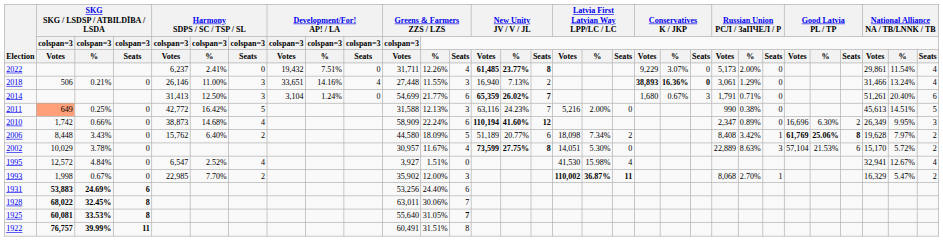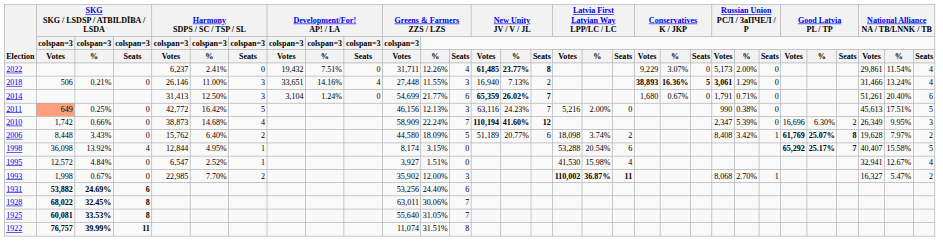 <table class="wikitable" border="1" style="font-size:80%; text-align:right;">
 <tr>
 <th style="text-align:left;" valign=bottom rowspan=3>Election</th>
 <th valign=bottom colspan=3><a href='#'>SKG</a><br>SKG / LSDSP / ATBILDĪBA / LSDA</th>
 <th valign=bottom colspan=3><a href='#'>Harmony</a><br>SDPS / SC / TSP / SL</th>
 <th valign=bottom colspan=3><a href='#'>Development/For!</a><br>AP! / LA</th>
 <th valign=bottom colspan=3><a href='#'>Greens & Farmers</a><br>ZZS / LZS</th>
 <th valign=bottom colspan=3><a href='#'>New Unity</a><br>JV / V / JL</th>
 <th valign=bottom colspan=3><a href='#'>Latvia First<br>Latvian Way</a><br>LPP/LC / LC</th>
 <th valign=bottom colspan=3><a href='#'>Conservatives</a><br>K / JKP</th>
 <th valign=bottom colspan=3><a href='#'>Russian Union</a><br>РСЛ / ЗаПЧЕЛ / P</th>
 <th valign=bottom colspan=3><a href='#'>Good Latvia</a><br>PL / TP</th>
 <th valign=bottom colspan=3><a href='#'>National Alliance</a><br>NA / TB/LNNK / TB</th>
 </tr>
 <tr>
 <th>colspan=3 </th>
 <th>colspan=3 </th>
 <th>colspan=3 </th>
 <th>colspan=3 </th>
 <th>colspan=3 </th>
 <th>colspan=3 </th>
 <th>colspan=3 </th>
 <th>colspan=3 </th>
 <th>colspan=3 </th>
 <th>colspan=3 </th>
 </tr>
 <tr>
 <th>Votes</th>
 <th>%</th>
 <th>Seats</th>
 <th>Votes</th>
 <th>%</th>
 <th>Seats</th>
 <th>Votes</th>
 <th>%</th>
 <th>Seats</th>
 <th>Votes</th>
 <th>%</th>
 <th>Seats</th>
 <th>Votes</th>
 <th>%</th>
 <th>Seats</th>
 <th>Votes</th>
 <th>%</th>
 <th>Seats</th>
 <th>Votes</th>
 <th>%</th>
 <th>Seats</th>
 <th>Votes</th>
 <th>%</th>
 <th>Seats</th>
 <th>Votes</th>
 <th>%</th>
 <th>Seats</th>
 <th>Votes</th>
 <th>%</th>
 <th>Seats</th>
 </tr>
 <tr>
 <td align=left><a href='#'>2022</a></td>
 <td></td>
 <td></td>
 <td></td>
 <td>6,237</td>
 <td>2.41%</td>
 <td>0</td>
 <td>19,432</td>
 <td>7.51%</td>
 <td>0</td>
 <td>31,711</td>
 <td>12.26%</td>
 <td>4</td>
 <td><strong>61,485</strong></td>
 <td><strong>23.77%</strong></td>
 <td><strong>8</strong></td>
 <td></td>
 <td></td>
 <td></td>
 <td>9,229</td>
 <td>3.07%</td>
 <td>0</td>
 <td>5,173</td>
 <td>2.00%</td>
 <td>0</td>
 <td></td>
 <td></td>
 <td></td>
 <td>29,861</td>
 <td>11.54%</td>
 <td>4</td>
 </tr>
 <tr>
 <td align=left><a href='#'>2018</a></td>
 <td>506</td>
 <td>0.21%</td>
 <td>0</td>
 <td>26,146</td>
 <td>11.00%</td>
 <td>3</td>
 <td>33,651</td>
 <td>14.16%</td>
 <td>4</td>
 <td>27,448</td>
 <td>11.55%</td>
 <td>3</td>
 <td>16,940</td>
 <td>7.13%</td>
 <td>2</td>
 <td></td>
 <td></td>
 <td></td>
 <td><strong>38,893</strong></td>
 <td><strong>16.36%</strong></td>
-<td><strong>0</strong></td>
-<td>3,061</td>
+<td><strong>5</strong></td>
+<td><strong>3,061</strong></td>
 <td>1.29%</td>
 <td>0</td>
 <td></td>
 <td></td>
 <td></td>
 <td>31,466</td>
 <td>13.24%</td>
 <td>4</td>
 </tr>
 <tr>
 <td align=left><a href='#'>2014</a></td>
 <td></td>
 <td></td>
 <td></td>
 <td>31,413</td>
 <td>12.50%</td>
 <td>3</td>
 <td>3,104</td>
 <td>1.24%</td>
 <td>0</td>
 <td>54,699</td>
 <td>21.77%</td>
 <td>6</td>
 <td><strong>65,359</strong></td>
 <td><strong>26.02%</strong></td>
 <td><strong>7</strong></td>
 <td></td>
 <td></td>
 <td></td>
 <td>1,680</td>
 <td>0.67%</td>
-<td>3</td>
+<td>0</td>
 <td>1,791</td>
 <td>0.71%</td>
 <td>0</td>
 <td></td>
 <td></td>
 <td></td>
 <td>51,261</td>
 <td>20.40%</td>
 <td>6</td>
 </tr>
 <tr>
 <td align=left><a href='#'>2011</a></td>
 <td style="background: lightsalmon;">649</td>
 <td>0.25%</td>
 <td>0</td>
 <td>42,772</td>
 <td>16.42%</td>
 <td>5</td>
 <td></td>
 <td></td>
 <td></td>
-<td>31,588</td>
+<td>46,156</td>
 <td>12.13%</td>
 <td>3</td>
 <td>63,116</td>
 <td>24.23%</td>
 <td>7</td>
 <td>5,216</td>
 <td>2.00%</td>
 <td>0</td>
 <td></td>
 <td></td>
 <td></td>
 <td>990</td>
 <td>0.38%</td>
 <td>0</td>
 <td></td>
 <td></td>
 <td></td>
 <td>45,613</td>
-<td>14.51%</td>
+<td>17.51%</td>
 <td>5</td>
 </tr>
 <tr>
 <td align=left><a href='#'>2010</a></td>
 <td>1,742</td>
 <td>0.66%</td>
 <td>0</td>
 <td>38,873</td>
 <td>14.68%</td>
 <td>4</td>
 <td></td>
 <td></td>
 <td></td>
 <td>58,909</td>
 <td>22.24%</td>
-<td>6</td>
+<td>7</td>
 <td><strong>110,194</strong></td>
 <td><strong>41.60%</strong></td>
 <td><strong>12</strong></td>
 <td></td>
 <td></td>
 <td></td>
 <td></td>
 <td></td>
 <td></td>
 <td>2,347</td>
-<td>0.89%</td>
+<td>5.39%</td>
 <td>0</td>
 <td>16,696</td>
 <td>6.30%</td>
 <td>2</td>
 <td>26,349</td>
 <td>9.95%</td>
 <td>3</td>
 </tr>
 <tr>
 <td align=left><a href='#'>2006</a></td>
 <td>8,448</td>
 <td>3.43%</td>
 <td>0</td>
 <td>15,762</td>
 <td>6.40%</td>
 <td>2</td>
 <td></td>
 <td></td>
 <td></td>
 <td>44,580</td>
 <td>18.09%</td>
 <td>5</td>
 <td>51,189</td>
 <td>20.77%</td>
 <td>6</td>
 <td>18,098</td>
-<td>7.34%</td>
+<td>3.74%</td>
 <td>2</td>
 <td></td>
 <td></td>
 <td></td>
 <td>8,408</td>
 <td>3.42%</td>
 <td>1</td>
 <td><strong>61,769</strong></td>
-<td><strong>25.06%</strong></td>
+<td><strong>25.07%</strong></td>
 <td><strong>8</strong></td>
 <td>19,628</td>
 <td>7.97%</td>
 <td>2</td>
 </tr>
 <tr>
-<td align=left><a href='#'>2002</a></td>
-<td>10,029</td>
-<td>3.78%</td>
+<td align=left><a href='#'>1998</a></td>
+<td>36,098</td>
+<td>13.92%</td>
+<td>4</td>
+<td>12,844</td>
+<td>4.95%</td>
+<td>1</td>
+<td></td>
+<td></td>
+<td></td>
+<td>8,174</td>
+<td>3.15%</td>
 <td>0</td>
+<td></td>
+<td></td>
+<td></td>
+<td>53,288</td>
+<td>20.54%</td>
+<td>6</td>
 <td></td>
 <td></td>
 <td></td>
 <td></td>
 <td></td>
 <td></td>
-<td>30,957</td>
-<td>11.67%</td>
-<td>4</td>
-<td><strong>73,599</strong></td>
-<td><strong>27.75%</strong></td>
-<td><strong>8</strong></td>
-<td>14,051</td>
-<td>5.30%</td>
-<td>0</td>
-<td></td>
-<td></td>
-<td></td>
-<td>22,889</td>
-<td>8.63%</td>
-<td>3</td>
-<td>57,104</td>
-<td>21.53%</td>
-<td>6</td>
-<td>15,170</td>
-<td>5.72%</td>
-<td>2</td>
+<td><strong>65,292</strong></td>
+<td><strong>25.17%</strong></td>
+<td><strong>7</strong></td>
+<td>40,407</td>
+<td>15.58%</td>
+<td>5</td>
 </tr>
 <tr>
 <td align=left><a href='#'>1995</a></td>
 <td>12,572</td>
 <td>4.84%</td>
 <td>0</td>
 <td>6,547</td>
 <td>2.52%</td>
-<td>4</td>
+<td>1</td>
 <td></td>
 <td></td>
 <td></td>
 <td>3,927</td>
 <td>1.51%</td>
 <td>0</td>
 <td></td>
 <td></td>
 <td></td>
 <td>41,530</td>
 <td>15.98%</td>
 <td>4</td>
 <td></td>
 <td></td>
 <td></td>
 <td></td>
 <td></td>
 <td></td>
 <td></td>
 <td></td>
 <td></td>
 <td>32,941</td>
 <td>12.67%</td>
 <td>4</td>
 </tr>
 <tr>
 <td align=left><a href='#'>1993</a></td>
 <td>1,998</td>
 <td>0.67%</td>
 <td>0</td>
 <td>22,985</td>
 <td>7.70%</td>
 <td>2</td>
 <td></td>
 <td></td>
 <td></td>
 <td>35,902</td>
 <td>12.00%</td>
 <td>3</td>
 <td></td>
 <td></td>
 <td></td>
 <td><strong>110,002</strong></td>
 <td><strong>36.87%</strong></td>
 <td><strong>11</strong></td>
 <td></td>
 <td></td>
 <td></td>
 <td>8,068</td>
 <td>2.70%</td>
 <td>1</td>
 <td></td>
 <td></td>
 <td></td>
-<td>16,329</td>
+<td>16,327</td>
 <td>5.47%</td>
 <td>2</td>
 </tr>
 <tr>
 <td align=left><a href='#'>1931</a></td>
-<td><strong>53,883</strong></td>
+<td><strong>53,882</strong></td>
 <td><strong>24.69%</strong></td>
 <td><strong>6</strong></td>
 <td></td>
 <td></td>
 <td></td>
 <td></td>
 <td></td>
 <td></td>
 <td>53,256</td>
 <td>24.40%</td>
 <td>6</td>
 <td></td>
 <td></td>
 <td></td>
 <td></td>
 <td></td>
 <td></td>
 <td></td>
 <td></td>
 <td></td>
 <td></td>
 <td></td>
 <td></td>
 <td></td>
 <td></td>
 <td></td>
 <td></td>
 <td></td>
 <td></td>
 </tr>
 <tr>
 <td align=left><a href='#'>1928</a></td>
 <td><strong>68,022</strong></td>
 <td><strong>32.45%</strong></td>
 <td><strong>8</strong></td>
 <td></td>
 <td></td>
 <td></td>
 <td></td>
 <td></td>
 <td></td>
 <td>63,011</td>
 <td>30.06%</td>
 <td>7</td>
 <td></td>
 <td></td>
 <td></td>
 <td></td>
 <td></td>
 <td></td>
 <td></td>
 <td></td>
 <td></td>
 <td></td>
 <td></td>
 <td></td>
 <td></td>
 <td></td>
 <td></td>
 <td></td>
 <td></td>
 <td></td>
 </tr>
 <tr>
 <td align=left><a href='#'>1925</a></td>
 <td><strong>60,081</strong></td>
 <td><strong>33.53%</strong></td>
 <td><strong>8</strong></td>
 <td></td>
 <td></td>
 <td></td>
 <td></td>
 <td></td>
 <td></td>
 <td>55,640</td>
 <td>31.05%</td>
-<td><strong>7</strong></td>
+<td>7</td>
 <td></td>
 <td></td>
 <td></td>
 <td></td>
 <td></td>
 <td></td>
 <td></td>
 <td></td>
 <td></td>
 <td></td>
 <td></td>
 <td></td>
 <td></td>
 <td></td>
 <td></td>
 <td></td>
 <td></td>
 <td></td>
 </tr>
 <tr>
 <td align=left><a href='#'>1922</a></td>
 <td><strong>76,757</strong></td>
 <td><strong>39.99%</strong></td>
 <td><strong>11</strong></td>
 <td></td>
 <td></td>
 <td></td>
 <td></td>
 <td></td>
 <td></td>
-<td>60,491</td>
+<td>11,074</td>
 <td>31.51%</td>
 <td>8</td>
 <td></td>
 <td></td>
 <td></td>
 <td></td>
 <td></td>
 <td></td>
 <td></td>
 <td></td>
 <td></td>
 <td></td>
 <td></td>
 <td></td>
 <td></td>
 <td></td>
 <td></td>
 <td></td>
 <td></td>
 <td></td>
 </tr>
 </table>
